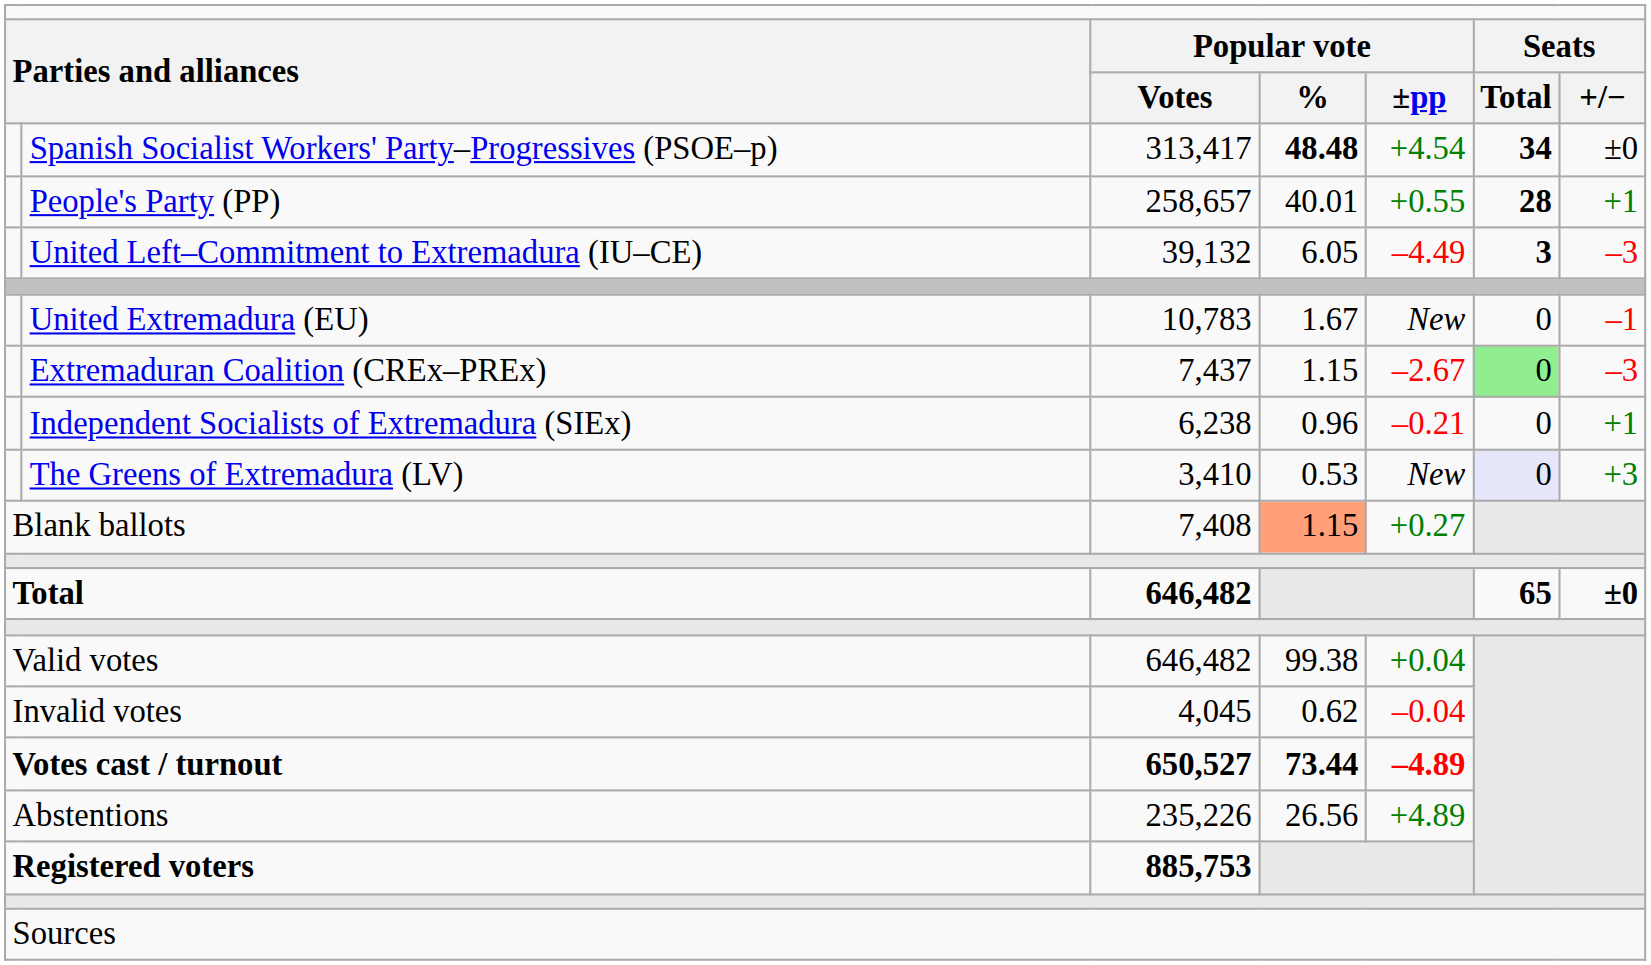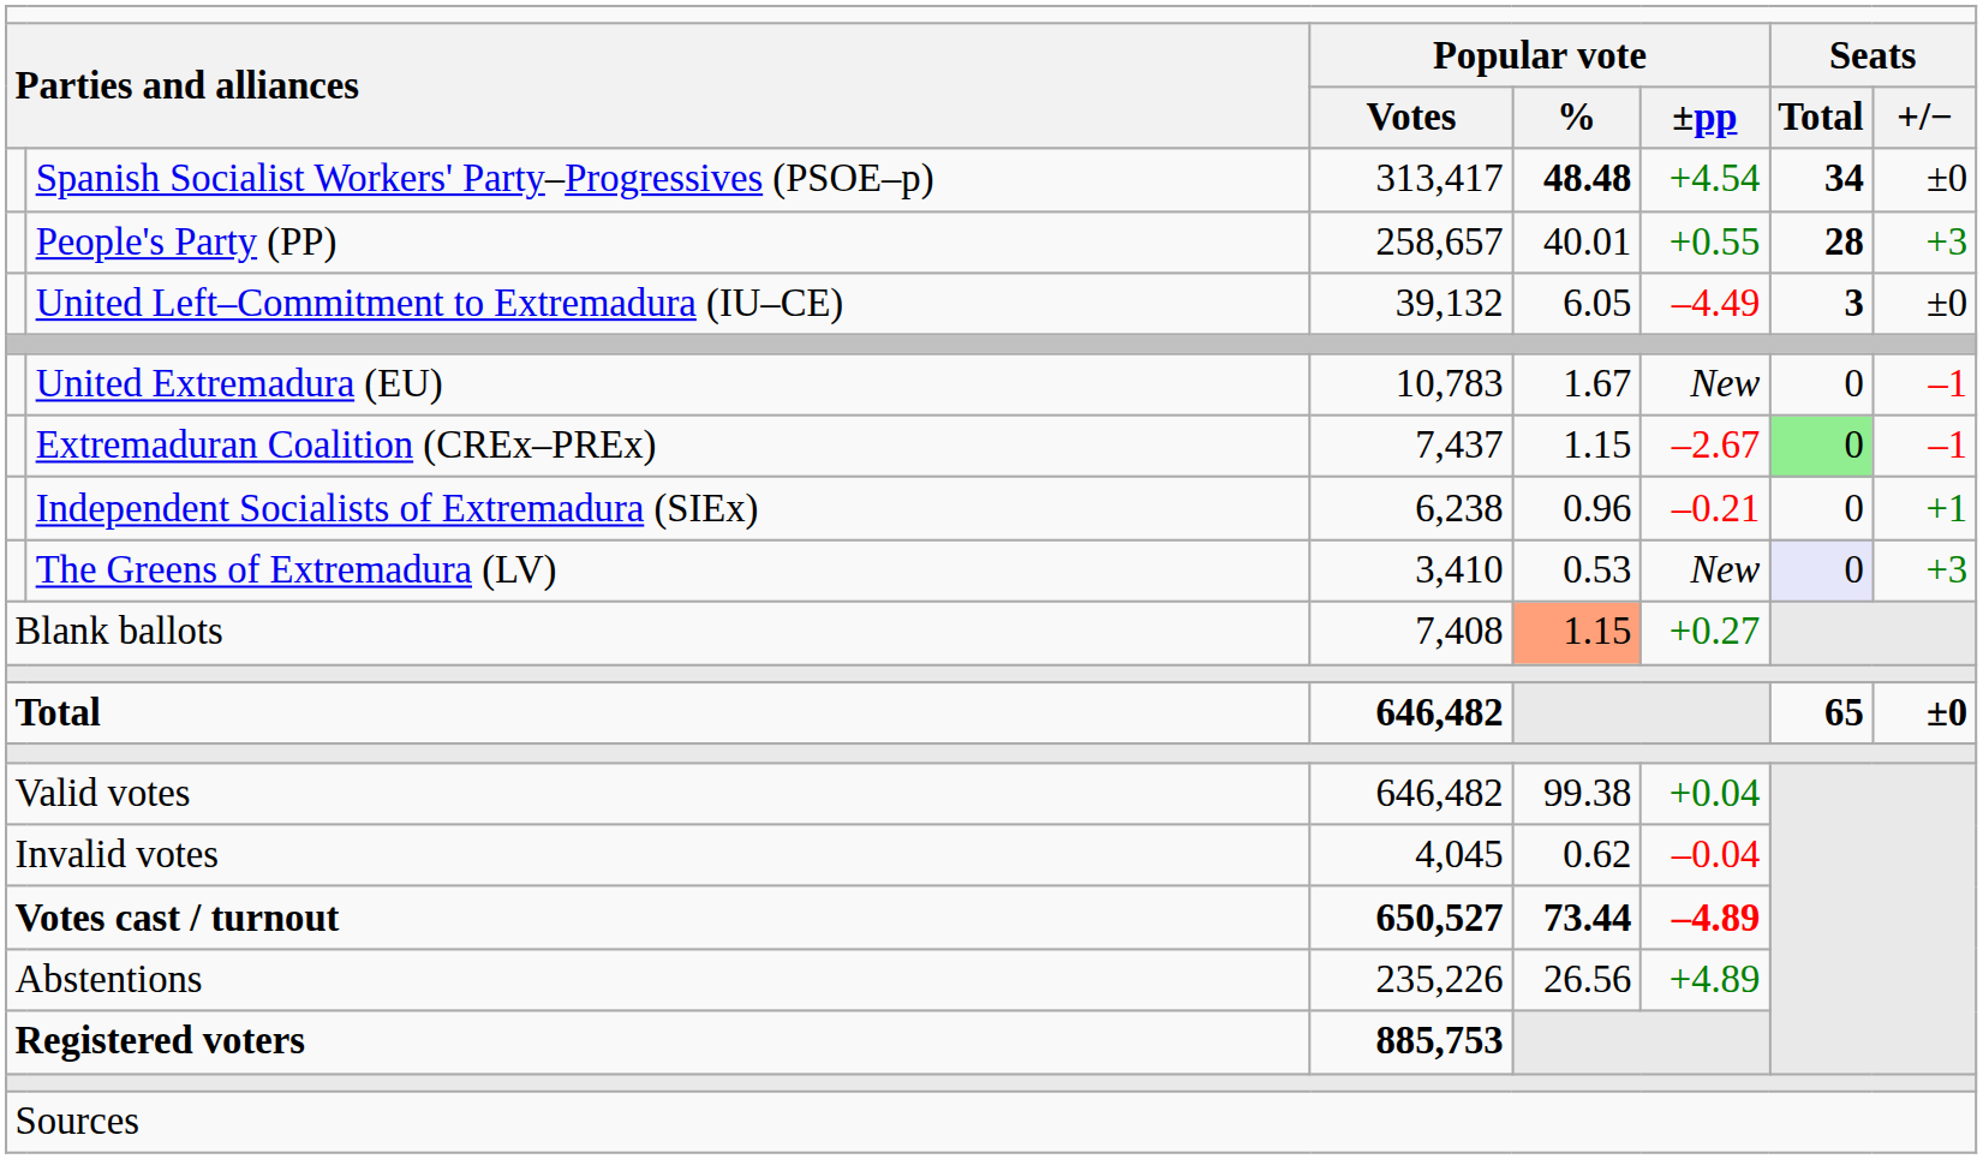 <table class="wikitable" style="text-align:right;">
 <tr>
 <td colspan="7"></td>
 </tr>
 <tr>
 <th style="text-align:left;" rowspan="2" colspan="2" width="525">Parties and alliances</th>
 <th colspan="3">Popular vote</th>
 <th colspan="2">Seats</th>
 </tr>
 <tr>
 <th width="75">Votes</th>
 <th width="45">%</th>
 <th width="45">±<a href='#'>pp</a></th>
 <th width="35">Total</th>
 <th width="35">+/−</th>
 </tr>
 <tr>
 <td width="1" style="color:inherit;background:"></td>
 <td align="left"><a href='#'>Spanish Socialist Workers' Party</a>–<a href='#'>Progressives</a> (PSOE–p)</td>
 <td>313,417</td>
 <td><strong>48.48</strong></td>
 <td style="color:green;">+4.54</td>
 <td><strong>34</strong></td>
 <td>±0</td>
 </tr>
 <tr>
 <td style="color:inherit;background:"></td>
 <td align="left"><a href='#'>People's Party</a> (PP)</td>
 <td>258,657</td>
 <td>40.01</td>
 <td style="color:green;">+0.55</td>
 <td><strong>28</strong></td>
-<td style="color:green;">+1</td>
+<td style="color:green;">+3</td>
 </tr>
 <tr>
 <td style="color:inherit;background:"></td>
 <td align="left"><a href='#'>United Left–Commitment to Extremadura</a> (IU–CE)</td>
 <td>39,132</td>
 <td>6.05</td>
 <td style="color:red;">–4.49</td>
 <td><strong>3</strong></td>
-<td style="color:red;">–3</td>
+<td>±0</td>
 </tr>
 <tr>
 <td colspan="7" bgcolor="#C0C0C0"></td>
 </tr>
 <tr>
 <td style="color:inherit;background:"></td>
 <td align="left"><a href='#'>United Extremadura</a> (EU)</td>
 <td>10,783</td>
 <td>1.67</td>
 <td><em>New</em></td>
 <td>0</td>
 <td style="color:red;">–1</td>
 </tr>
 <tr>
 <td style="color:inherit;background:"></td>
 <td align="left"><a href='#'>Extremaduran Coalition</a> (CREx–PREx)</td>
 <td>7,437</td>
 <td>1.15</td>
 <td style="color:red;">–2.67</td>
 <td style="background: lightgreen;">0</td>
-<td style="color:red;">–3</td>
+<td style="color:red;">–1</td>
 </tr>
 <tr>
 <td style="color:inherit;background:"></td>
 <td align="left"><a href='#'>Independent Socialists of Extremadura</a> (SIEx)</td>
 <td>6,238</td>
 <td>0.96</td>
 <td style="color:red;">–0.21</td>
 <td>0</td>
 <td style="color:green;">+1</td>
 </tr>
 <tr>
 <td style="color:inherit;background:"></td>
 <td align="left"><a href='#'>The Greens of Extremadura</a> (LV)</td>
 <td>3,410</td>
 <td>0.53</td>
 <td><em>New</em></td>
 <td style="background: lavender;">0</td>
 <td style="color:green;">+3</td>
 </tr>
 <tr>
 <td align="left" colspan="2">Blank ballots</td>
 <td>7,408</td>
 <td style="background: lightsalmon;">1.15</td>
 <td style="color:green;">+0.27</td>
 <td bgcolor="#E9E9E9" colspan="2"></td>
 </tr>
 <tr>
 <td colspan="7" bgcolor="#E9E9E9"></td>
 </tr>
 <tr style="font-weight:bold;">
 <td align="left" colspan="2">Total</td>
 <td>646,482</td>
 <td bgcolor="#E9E9E9" colspan="2"></td>
 <td>65</td>
 <td>±0</td>
 </tr>
 <tr>
 <td colspan="7" bgcolor="#E9E9E9"></td>
 </tr>
 <tr>
 <td align="left" colspan="2">Valid votes</td>
 <td>646,482</td>
 <td>99.38</td>
 <td style="color:green;">+0.04</td>
 <td bgcolor="#E9E9E9" colspan="2" rowspan="5"></td>
 </tr>
 <tr>
 <td align="left" colspan="2">Invalid votes</td>
 <td>4,045</td>
 <td>0.62</td>
 <td style="color:red;">–0.04</td>
 </tr>
 <tr style="font-weight:bold;">
 <td align="left" colspan="2">Votes cast / turnout</td>
 <td>650,527</td>
 <td>73.44</td>
 <td style="color:red;">–4.89</td>
 </tr>
 <tr>
 <td align="left" colspan="2">Abstentions</td>
 <td>235,226</td>
 <td>26.56</td>
 <td style="color:green;">+4.89</td>
 </tr>
 <tr style="font-weight:bold;">
 <td align="left" colspan="2">Registered voters</td>
 <td>885,753</td>
 <td bgcolor="#E9E9E9" colspan="2"></td>
 </tr>
 <tr>
 <td colspan="7" bgcolor="#E9E9E9"></td>
 </tr>
 <tr>
 <td align="left" colspan="7">Sources</td>
 </tr>
 </table>
